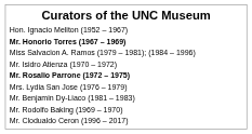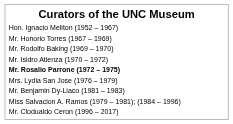 <table style="float:right; margin:1em 1em 1em 1em; width:20em; border: 1px solid #a0a0a0; padding: 2px; bg-colour=yellow; text-align:center;">
 <tr style= "text-align:centre;">
 <td><span><strong>Curators of the UNC Museum</strong></span></td>
 </tr>
 <tr style="text-align:left; font-size:x-small;">
 <td>Hon. Ignacio Meliton (1952 – 1967)</td>
 </tr>
 <tr style="text-align:left; font-size:x-small;">
-<td><strong>Mr. Honorio Torres (1967 – 1969)</strong></td>
+<td>Mr. Honorio Torres (1967 – 1969)</td>
 </tr>
 <tr style="text-align:left; font-size:x-small;">
-<td>Miss Salvacion A. Ramos (1979 – 1981); (1984 – 1996)</td>
+<td>Mr. Rodolfo Baking (1969 – 1970)</td>
 </tr>
 <tr style="text-align:left; font-size:x-small;">
 <td>Mr. Isidro Atienza (1970 – 1972)</td>
 </tr>
 <tr style="text-align:left; font-size:x-small;">
 <td><strong>Mr. Rosalio Parrone (1972 – 1975)</strong></td>
 </tr>
 <tr style="text-align:left; font-size:x-small;">
 <td>Mrs. Lydia San Jose (1976 – 1979)</td>
 </tr>
 <tr style="text-align:left; font-size:x-small;">
 <td>Mr. Benjamin Dy-Liaco (1981 – 1983)</td>
 </tr>
 <tr style="text-align:left; font-size:x-small;">
-<td>Mr. Rodolfo Baking (1969 – 1970)</td>
+<td>Miss Salvacion A. Ramos (1979 – 1981); (1984 – 1996)</td>
 </tr>
 <tr style="text-align:left; font-size:x-small;">
 <td>Mr. Clodualdo Ceron (1996 – 2017)</td>
 </tr>
 </table>
